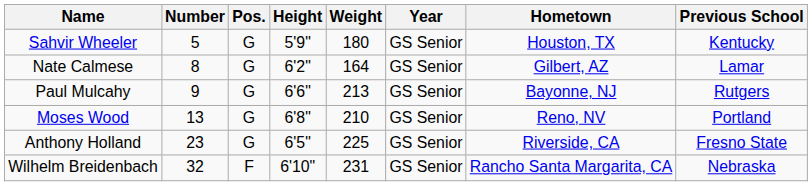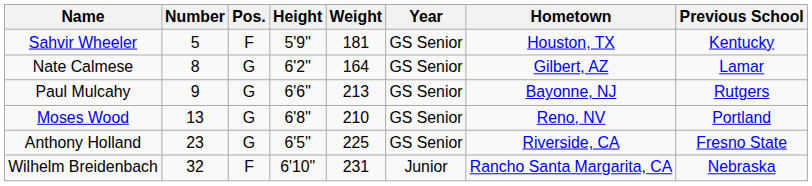 <table class="wikitable sortable sortable" style="text-align: center">
 <tr align=center>
 <th>Name</th>
 <th>Number</th>
 <th>Pos.</th>
 <th>Height</th>
 <th>Weight</th>
 <th>Year</th>
 <th>Hometown</th>
 <th>Previous School</th>
 </tr>
 <tr>
 <td><a href='#'>Sahvir Wheeler</a></td>
 <td>5</td>
-<td>G</td>
+<td>F</td>
 <td>5'9"</td>
-<td>180</td>
+<td>181</td>
 <td>GS Senior</td>
 <td><a href='#'>Houston, TX</a></td>
 <td><a href='#'>Kentucky</a></td>
 </tr>
 <tr>
 <td>Nate Calmese</td>
 <td>8</td>
 <td>G</td>
 <td>6'2"</td>
 <td>164</td>
 <td>GS Senior</td>
 <td><a href='#'>Gilbert, AZ</a></td>
 <td><a href='#'>Lamar</a></td>
 </tr>
 <tr>
 <td>Paul Mulcahy</td>
 <td>9</td>
 <td>G</td>
 <td>6'6"</td>
 <td>213</td>
 <td>GS Senior</td>
 <td><a href='#'>Bayonne, NJ</a></td>
 <td><a href='#'>Rutgers</a></td>
 </tr>
 <tr>
 <td><a href='#'>Moses Wood</a></td>
 <td>13</td>
 <td>G</td>
 <td>6'8"</td>
 <td>210</td>
 <td>GS Senior</td>
 <td><a href='#'>Reno, NV</a></td>
 <td><a href='#'>Portland</a></td>
 </tr>
 <tr>
 <td>Anthony Holland</td>
 <td>23</td>
 <td>G</td>
 <td>6'5"</td>
 <td>225</td>
 <td>GS Senior</td>
 <td><a href='#'>Riverside, CA</a></td>
 <td><a href='#'>Fresno State</a></td>
 </tr>
 <tr>
 <td>Wilhelm Breidenbach</td>
 <td>32</td>
 <td>F</td>
 <td>6'10"</td>
 <td>231</td>
-<td>GS Senior</td>
+<td>Junior</td>
 <td><a href='#'>Rancho Santa Margarita, CA</a></td>
 <td><a href='#'>Nebraska</a></td>
 </tr>
 </table>
